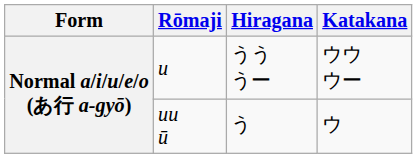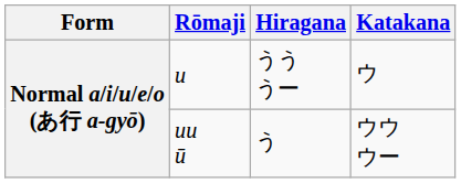 <table class="wikitable">
 <tr>
 <th>Form</th>
 <th><a href='#'>Rōmaji</a></th>
 <th><a href='#'>Hiragana</a></th>
 <th><a href='#'>Katakana</a></th>
 </tr>
 <tr>
 <th rowspan="2">Normal <em>a</em>/<em>i</em>/<em>u</em>/<em>e</em>/<em>o</em><br>(あ行 <em>a-gyō</em>)</th>
 <td><em>u</em></td>
 <td>うう<br>うー</td>
-<td>ウウ<br>ウー</td>
+<td>ウ</td>
 </tr>
 <tr>
 <td><em>uu</em><br><em>ū</em></td>
 <td>う</td>
-<td>ウ</td>
+<td>ウウ<br>ウー</td>
 </tr>
 </table>
